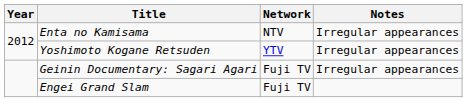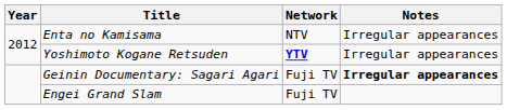 <table class="wikitable">
 <tr>
 <th>Year</th>
 <th>Title</th>
 <th>Network</th>
 <th>Notes</th>
 </tr>
 <tr>
 <td rowspan="2">2012</td>
 <td><em>Enta no Kamisama</em></td>
 <td>NTV</td>
 <td>Irregular appearances</td>
 </tr>
 <tr>
 <td><em>Yoshimoto Kogane Retsuden</em></td>
-<td><a href='#'>YTV</a></td>
+<td><strong><a href='#'>YTV</a></strong></td>
 <td>Irregular appearances</td>
 </tr>
 <tr>
 <td rowspan="2"></td>
 <td><em>Geinin Documentary: Sagari Agari</em></td>
 <td>Fuji TV</td>
-<td>Irregular appearances</td>
+<td><strong>Irregular appearances</strong></td>
 </tr>
 <tr>
 <td><em>Engei Grand Slam</em></td>
 <td>Fuji TV</td>
 <td></td>
 </tr>
 </table>
